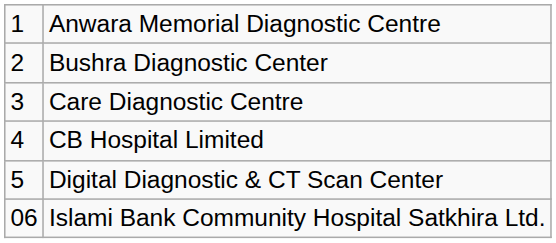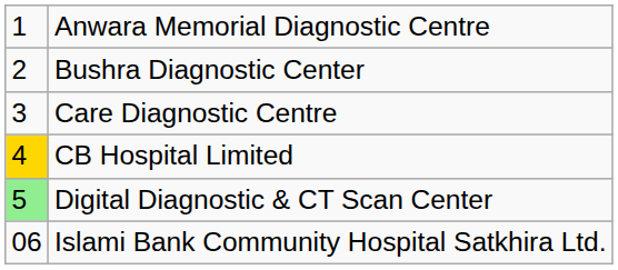 <table class="wikitable">
 <tr>
 <td>1</td>
 <td>Anwara Memorial Diagnostic Centre</td>
 </tr>
 <tr>
 <td>2</td>
 <td>Bushra Diagnostic Center</td>
 </tr>
 <tr>
 <td>3</td>
 <td>Care Diagnostic Centre</td>
 </tr>
 <tr>
-<td>4</td>
+<td style="background: gold;">4</td>
 <td>CB Hospital Limited</td>
 </tr>
 <tr>
-<td>5</td>
+<td style="background: lightgreen;">5</td>
 <td>Digital Diagnostic & CT Scan Center</td>
 </tr>
 <tr>
 <td>06</td>
 <td>Islami Bank Community Hospital Satkhira Ltd.</td>
 </tr>
 </table>
